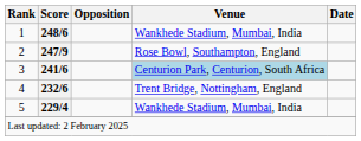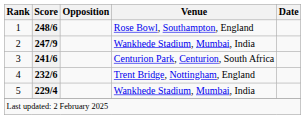 <table class="wikitable plainrowheaders">
 <tr>
 <th scope=col>Rank</th>
 <th scope=col>Score</th>
 <th scope=col>Opposition</th>
 <th scope=col>Venue</th>
 <th scope=col>Date</th>
 </tr>
 <tr>
 <td align=center>1</td>
 <th scope=row style=text-align:center;>248/6</th>
 <td></td>
-<td><a href='#'>Wankhede Stadium</a>, <a href='#'>Mumbai</a>, India</td>
+<td><a href='#'>Rose Bowl</a>, <a href='#'>Southampton</a>, England</td>
 <td></td>
 </tr>
 <tr>
 <td align=center>2</td>
 <th scope=row style=text-align:center;>247/9</th>
 <td></td>
-<td><a href='#'>Rose Bowl</a>, <a href='#'>Southampton</a>, England</td>
+<td><a href='#'>Wankhede Stadium</a>, <a href='#'>Mumbai</a>, India</td>
 <td></td>
 </tr>
 <tr>
 <td align=center>3</td>
 <th scope=row style=text-align:center;>241/6</th>
 <td></td>
-<td style="background: lightblue;"><a href='#'>Centurion Park</a>, <a href='#'>Centurion</a>, South Africa</td>
+<td><a href='#'>Centurion Park</a>, <a href='#'>Centurion</a>, South Africa</td>
 <td></td>
 </tr>
 <tr>
 <td align=center>4</td>
 <th scope=row style=text-align:center;>232/6</th>
 <td></td>
 <td><a href='#'>Trent Bridge</a>, <a href='#'>Nottingham</a>, England</td>
 <td></td>
 </tr>
 <tr>
 <td align=center>5</td>
 <th scope=row style=text-align:center;>229/4</th>
 <td></td>
 <td><a href='#'>Wankhede Stadium</a>, <a href='#'>Mumbai</a>, India</td>
 <td> </td>
 </tr>
 <tr>
 </tr>
 <tr class=sortbottom>
 <td colspan=5><small>Last updated: 2 February 2025</small></td>
 </tr>
 </table>
